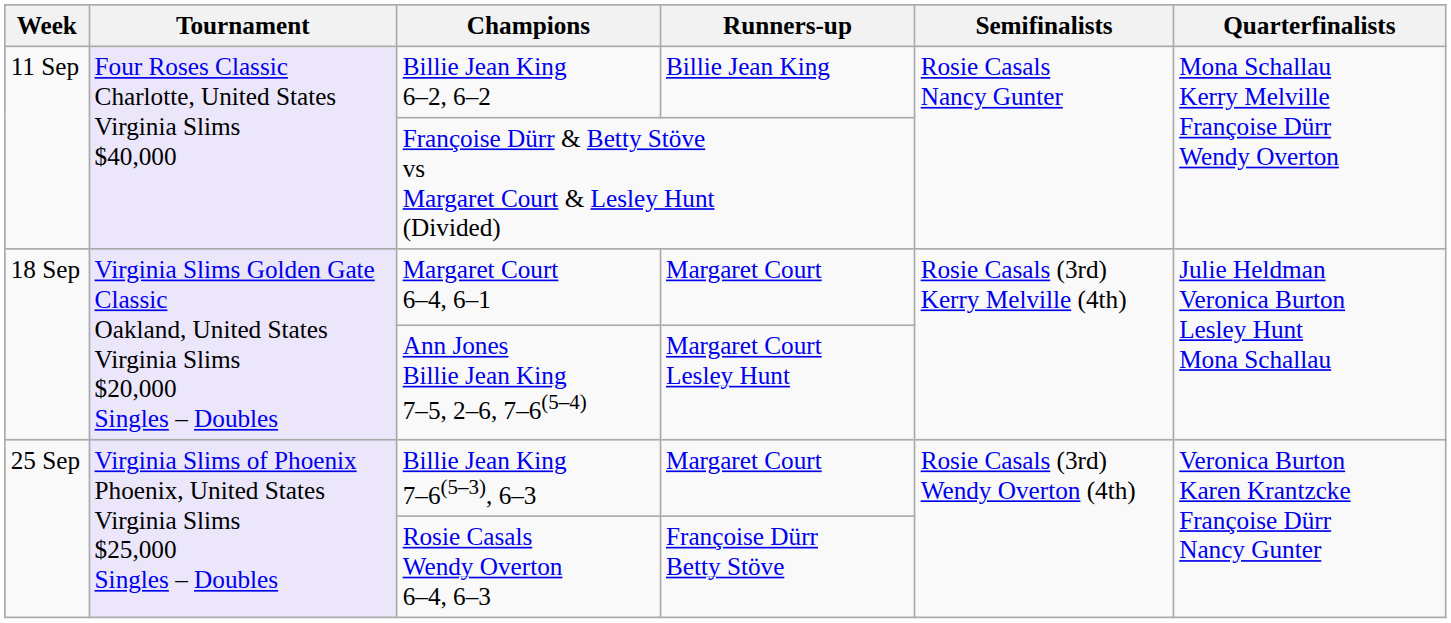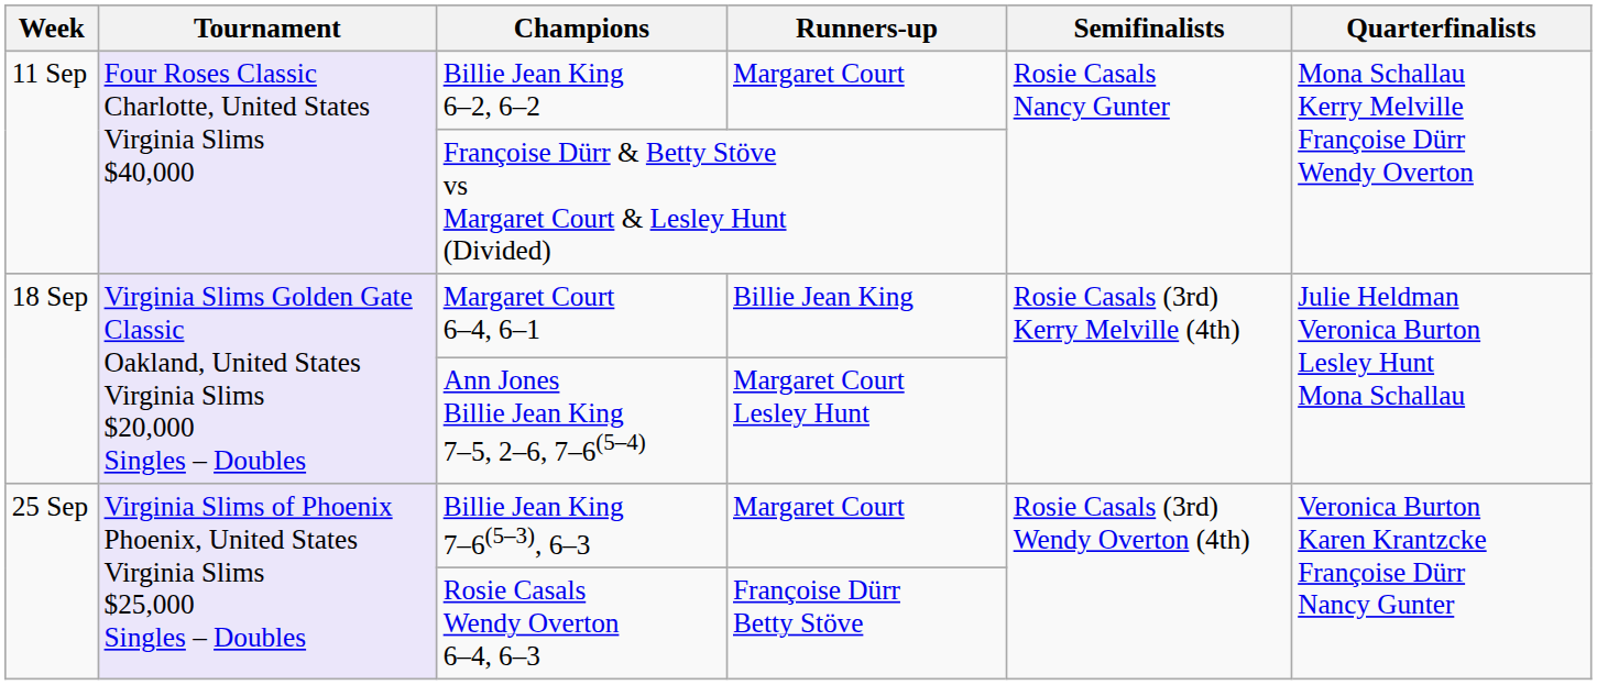 <table class=wikitable style=font-size:95%>
 <tr>
 <th style="width:48px;">Week</th>
 <th style="width:240px;">Tournament</th>
 <th style="width:200px;">Champions</th>
 <th style="width:200px;">Runners-up</th>
 <th style="width:190px;">Semifinalists</th>
 <th style="width:190px;">Quarterfinalists</th>
 </tr>
 <tr valign=top>
 <td rowspan=2>11 Sep</td>
 <td style="background:#ebe6fa;" rowspan=2><a href='#'>Four Roses Classic</a><br>Charlotte, United States<br>Virginia Slims<br>$40,000</td>
 <td> <a href='#'>Billie Jean King</a> <br>6–2, 6–2</td>
-<td> <a href='#'>Billie Jean King</a></td>
+<td> <a href='#'>Margaret Court</a></td>
 <td rowspan=2> <a href='#'>Rosie Casals</a> <br> <a href='#'>Nancy Gunter</a></td>
 <td rowspan=2> <a href='#'>Mona Schallau</a> <br> <a href='#'>Kerry Melville</a> <br> <a href='#'>Françoise Dürr</a> <br> <a href='#'>Wendy Overton</a></td>
 </tr>
 <tr valign=top>
 <td colspan=2> <a href='#'>Françoise Dürr</a> &  <a href='#'>Betty Stöve</a><br>vs<br> <a href='#'>Margaret Court</a> &  <a href='#'>Lesley Hunt</a><br>(Divided)</td>
 </tr>
 <tr valign=top>
 <td rowspan=2>18 Sep</td>
 <td style="background:#ebe6fa;" rowspan=2><a href='#'>Virginia Slims Golden Gate Classic</a><br>Oakland, United States<br>Virginia Slims<br>$20,000<br><a href='#'>Singles</a> – <a href='#'>Doubles</a></td>
 <td> <a href='#'>Margaret Court</a> <br>6–4, 6–1</td>
-<td> <a href='#'>Margaret Court</a></td>
+<td> <a href='#'>Billie Jean King</a></td>
 <td rowspan=2> <a href='#'>Rosie Casals</a> (3rd) <br> <a href='#'>Kerry Melville</a> (4th)</td>
 <td rowspan=2> <a href='#'>Julie Heldman</a> <br> <a href='#'>Veronica Burton</a> <br> <a href='#'>Lesley Hunt</a> <br> <a href='#'>Mona Schallau</a></td>
 </tr>
 <tr valign=top>
 <td> <a href='#'>Ann Jones</a><br> <a href='#'>Billie Jean King</a><br>7–5, 2–6, 7–6<sup>(5–4)</sup></td>
 <td> <a href='#'>Margaret Court</a> <br>  <a href='#'>Lesley Hunt</a></td>
 </tr>
 <tr valign=top>
 <td rowspan=2>25 Sep</td>
 <td style="background:#ebe6fa;" rowspan=2><a href='#'>Virginia Slims of Phoenix</a><br>Phoenix, United States<br>Virginia Slims<br>$25,000<br><a href='#'>Singles</a> – <a href='#'>Doubles</a></td>
 <td> <a href='#'>Billie Jean King</a> <br>7–6<sup>(5–3)</sup>, 6–3</td>
 <td> <a href='#'>Margaret Court</a></td>
 <td rowspan=2> <a href='#'>Rosie Casals</a> (3rd) <br>  <a href='#'>Wendy Overton</a> (4th)</td>
 <td rowspan=2> <a href='#'>Veronica Burton</a> <br> <a href='#'>Karen Krantzcke</a> <br> <a href='#'>Françoise Dürr</a> <br> <a href='#'>Nancy Gunter</a></td>
 </tr>
 <tr valign=top>
 <td> <a href='#'>Rosie Casals</a><br> <a href='#'>Wendy Overton</a><br>6–4, 6–3</td>
 <td> <a href='#'>Françoise Dürr</a> <br>  <a href='#'>Betty Stöve</a></td>
 </tr>
 </table>
